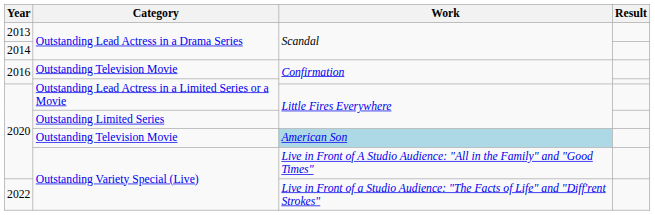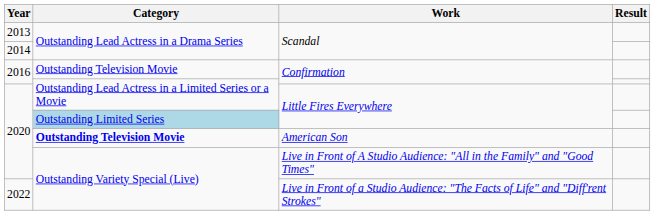 <table class="wikitable" width=70%>
 <tr>
 <th scope="col">Year</th>
 <th scope="col">Category</th>
 <th scope="col">Work</th>
 <th scope="col">Result</th>
 </tr>
 <tr>
 <td align="center">2013</td>
 <td rowspan=2><a href='#'>Outstanding Lead Actress in a Drama Series</a></td>
 <td rowspan=2><em>Scandal</em></td>
 <td></td>
 </tr>
 <tr>
 <td align="center">2014</td>
 <td></td>
 </tr>
 <tr>
 <td style="text-align:center;" rowspan="2">2016</td>
 <td><a href='#'>Outstanding Television Movie</a></td>
 <td rowspan=2><em><a href='#'>Confirmation</a></em></td>
 <td></td>
 </tr>
 <tr>
 <td rowspan=2><a href='#'>Outstanding Lead Actress in a Limited Series or a Movie</a></td>
 <td></td>
 </tr>
 <tr>
 <td rowspan="4" align="center">2020</td>
 <td rowspan="2"><em><a href='#'>Little Fires Everywhere</a></em></td>
 <td></td>
 </tr>
 <tr>
-<td><a href='#'>Outstanding Limited Series</a></td>
+<td style="background: lightblue;"><a href='#'>Outstanding Limited Series</a></td>
 <td></td>
 </tr>
 <tr>
-<td><a href='#'>Outstanding Television Movie</a></td>
-<td style="background: lightblue;"><em><a href='#'>American Son</a></em></td>
+<td><strong><a href='#'>Outstanding Television Movie</a></strong></td>
+<td><em><a href='#'>American Son</a></em></td>
 <td></td>
 </tr>
 <tr>
 <td rowspan="2"><a href='#'>Outstanding Variety Special (Live)</a></td>
 <td><em><a href='#'>Live in Front of A Studio Audience: "All in the Family" and "Good Times"</a></em></td>
 <td></td>
 </tr>
 <tr>
 <td>2022</td>
 <td><em><a href='#'>Live in Front of a Studio Audience: "The Facts of Life" and "Diff'rent Strokes"</a></em></td>
 <td></td>
 </tr>
 </table>
